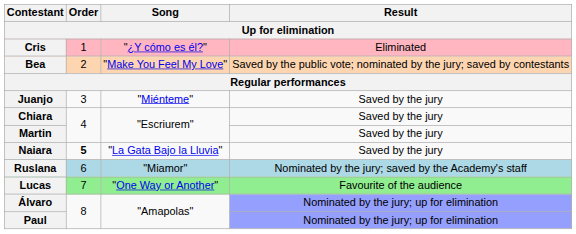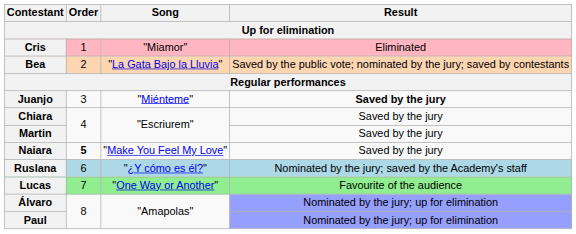 <table class="wikitable sortable plainrowheaders" style="text-align:center;">
 <tr>
 <th scope="col">Contestant</th>
 <th scope="col">Order</th>
 <th scope="col">Song</th>
 <th scope="col">Result</th>
 </tr>
 <tr>
 <th colspan="4">Up for elimination</th>
 </tr>
 <tr bgcolor=lightpink>
 <th scope="row">Cris</th>
 <td>1</td>
-<td>"<a href='#'>¿Y cómo es él?</a>"</td>
+<td>"Miamor"</td>
 <td>Eliminated</td>
 </tr>
 <tr bgcolor=#fdd5b1>
 <th scope="row">Bea</th>
 <td>2</td>
-<td>"<a href='#'>Make You Feel My Love</a>"</td>
+<td>"<a href='#'>La Gata Bajo la Lluvia</a>"</td>
 <td>Saved by the public vote; nominated by the jury; saved by contestants</td>
 </tr>
 <tr>
 <th colspan="4">Regular performances</th>
 </tr>
 <tr>
 <th scope="row">Juanjo</th>
 <td>3</td>
 <td>"<a href='#'>Miénteme</a>"</td>
-<td>Saved by the jury</td>
+<td><strong>Saved by the jury</strong></td>
 </tr>
 <tr>
 <th scope="row">Chiara</th>
 <td rowspan=2>4</td>
 <td rowspan=2>"Escriurem"</td>
 <td>Saved by the jury</td>
 </tr>
 <tr>
 <th scope="row">Martin</th>
 <td>Saved by the jury</td>
 </tr>
 <tr>
 <th scope="row">Naiara</th>
 <td><strong>5</strong></td>
-<td>"<a href='#'>La Gata Bajo la Lluvia</a>"</td>
+<td>"<a href='#'>Make You Feel My Love</a>"</td>
 <td>Saved by the jury</td>
 </tr>
 <tr bgcolor=lightblue>
 <th scope="row">Ruslana</th>
 <td>6</td>
-<td>"Miamor"</td>
+<td>"<a href='#'>¿Y cómo es él?</a>"</td>
 <td>Nominated by the jury; saved by the Academy's staff</td>
 </tr>
 <tr bgcolor=lightgreen>
 <th scope="row">Lucas</th>
 <td>7</td>
 <td>"<a href='#'>One Way or Another</a>"</td>
 <td>Favourite of the audience</td>
 </tr>
 <tr>
 <th scope="row">Álvaro</th>
 <td rowspan=2>8</td>
 <td rowspan=2>"Amapolas"</td>
 <td bgcolor=#959ffd>Nominated by the jury; up for elimination</td>
 </tr>
 <tr>
 <th scope="row">Paul</th>
 <td bgcolor=#959ffd>Nominated by the jury; up for elimination</td>
 </tr>
 </table>
